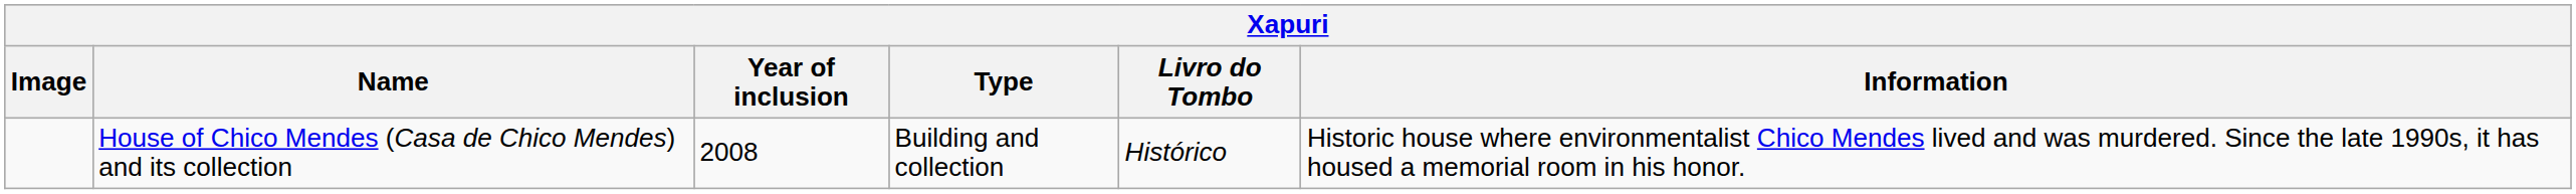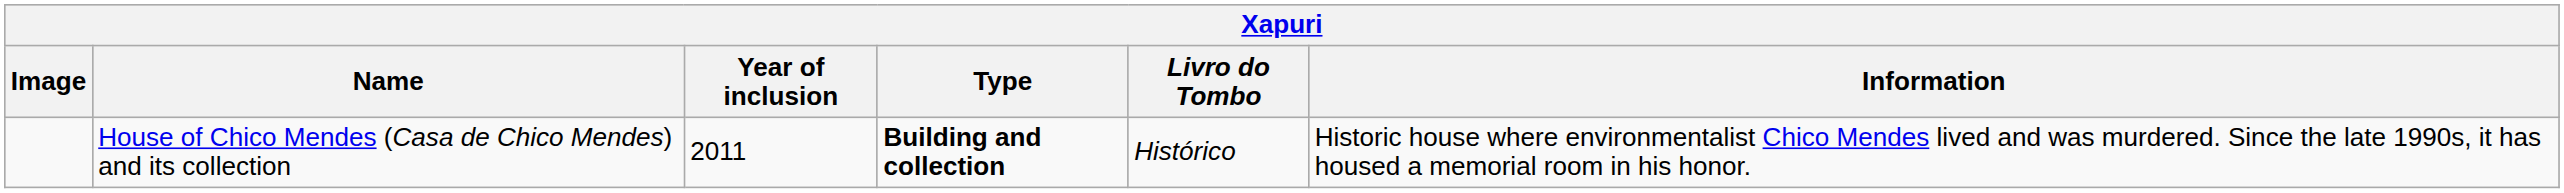 <table class="wikitable">
 <tr>
 <th colspan="6"><a href='#'>Xapuri</a></th>
 </tr>
 <tr>
 <th>Image</th>
 <th>Name</th>
 <th>Year of inclusion</th>
 <th>Type</th>
 <th><em>Livro do Tombo</em></th>
 <th>Information</th>
 </tr>
 <tr>
 <td></td>
 <td><a href='#'>House of Chico Mendes</a> (<em>Casa de Chico Mendes</em>) and its collection</td>
-<td>2008</td>
-<td>Building and collection</td>
+<td>2011</td>
+<td><strong>Building and collection</strong></td>
 <td><em>Histórico</em></td>
 <td>Historic house where environmentalist <a href='#'>Chico Mendes</a> lived and was murdered. Since the late 1990s, it has housed a memorial room in his honor.</td>
 </tr>
 </table>
